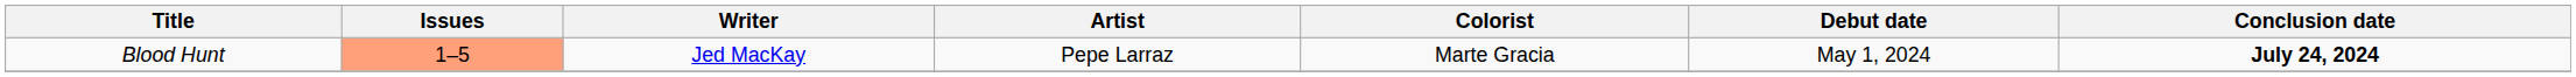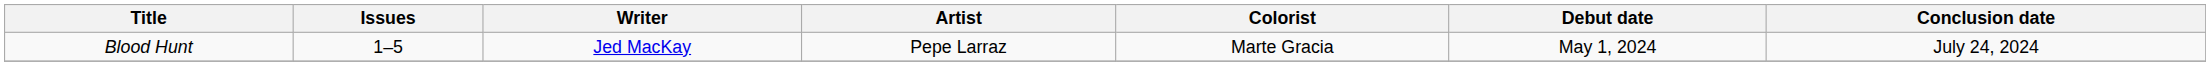 <table class="wikitable" style="text-align:center; width:100%">
 <tr>
 <th scope="col">Title</th>
 <th scope="col">Issues</th>
 <th scope="col">Writer</th>
 <th scope="col">Artist</th>
 <th scope="col">Colorist</th>
 <th scope="col">Debut date</th>
 <th scope="col">Conclusion date</th>
 </tr>
 <tr>
 <td><em>Blood Hunt</em></td>
-<td style="background: lightsalmon;">1–5</td>
+<td>1–5</td>
 <td><a href='#'>Jed MacKay</a></td>
 <td>Pepe Larraz</td>
 <td>Marte Gracia</td>
 <td>May 1, 2024</td>
-<td><strong>July 24, 2024</strong></td>
+<td>July 24, 2024</td>
 </tr>
 <tr>
 </tr>
 </table>
